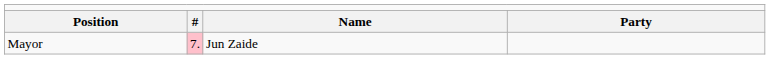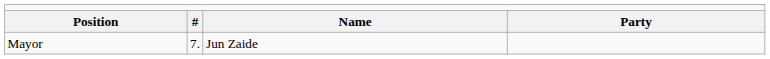 <table class=wikitable style="font-size:95%" width=99%>
 <tr>
 <td colspan="5"></td>
 </tr>
 <tr>
 <th width=24%>Position</th>
 <th width=1%>#</th>
 <th width=40%>Name</th>
 <th colspan=2>Party</th>
 </tr>
 <tr>
 <td>Mayor</td>
-<td style="background: pink;">7.</td>
+<td>7.</td>
 <td>Jun Zaide</td>
 <td></td>
 </tr>
 </table>
